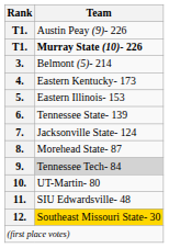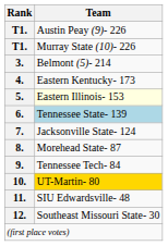 <table class=wikitable>
 <tr>
 <th>Rank</th>
 <th>Team</th>
 </tr>
 <tr>
 <th>T1.</th>
 <td>Austin Peay <em>(9)</em>- 226</td>
 </tr>
 <tr>
 <th>T1.</th>
-<td><strong>Murray State <em>(10)</em>- 226</strong></td>
+<td>Murray State <em>(10)</em>- 226</td>
 </tr>
 <tr>
 <th>3.</th>
 <td>Belmont <em>(5)</em>- 214</td>
 </tr>
 <tr>
 <th>4.</th>
 <td>Eastern Kentucky- 173</td>
 </tr>
 <tr>
 <th>5.</th>
-<td>Eastern Illinois- 153</td>
+<td style="background: lightyellow;">Eastern Illinois- 153</td>
 </tr>
 <tr>
 <th>6.</th>
-<td>Tennessee State- 139</td>
+<td style="background: lightblue;">Tennessee State- 139</td>
 </tr>
 <tr>
 <th>7.</th>
 <td>Jacksonville State- 124</td>
 </tr>
 <tr>
 <th>8.</th>
 <td>Morehead State- 87</td>
 </tr>
 <tr>
 <th>9.</th>
-<td style="background: lightgrey;">Tennessee Tech- 84</td>
+<td>Tennessee Tech- 84</td>
 </tr>
 <tr>
 <th>10.</th>
-<td>UT-Martin- 80</td>
+<td style="background: gold;">UT-Martin- 80</td>
 </tr>
 <tr>
 <th>11.</th>
 <td>SIU Edwardsville- 48</td>
 </tr>
 <tr>
 <th>12.</th>
-<td style="background: gold;">Southeast Missouri State- 30</td>
+<td>Southeast Missouri State- 30</td>
 </tr>
 <tr>
 <td colspan=3 valign=middle><small><em>(first place votes)</em></small></td>
 </tr>
 </table>
